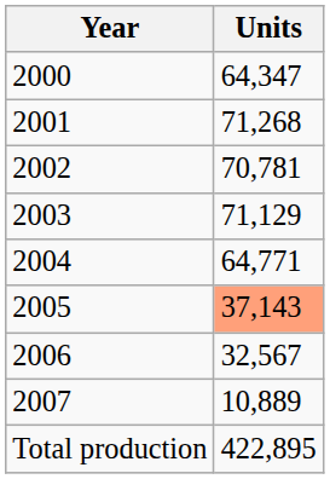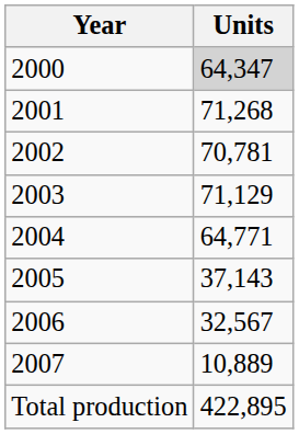 <table class=wikitable>
 <tr>
 <th>Year</th>
 <th>Units</th>
 </tr>
 <tr>
 <td>2000</td>
-<td>64,347</td>
+<td style="background: lightgrey;">64,347</td>
 </tr>
 <tr>
 <td>2001</td>
 <td>71,268</td>
 </tr>
 <tr>
 <td>2002</td>
 <td>70,781</td>
 </tr>
 <tr>
 <td>2003</td>
 <td>71,129</td>
 </tr>
 <tr>
 <td>2004</td>
 <td>64,771</td>
 </tr>
 <tr>
 <td>2005</td>
-<td style="background: lightsalmon;">37,143</td>
+<td>37,143</td>
 </tr>
 <tr>
 <td>2006</td>
 <td>32,567</td>
 </tr>
 <tr>
 <td>2007</td>
 <td>10,889</td>
 </tr>
 <tr>
 <td>Total production</td>
 <td>422,895</td>
 </tr>
 </table>
